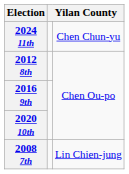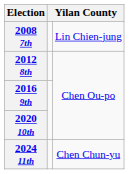 <table class="wikitable" align="center" style="text-align:center">
 <tr>
 <th>Election</th>
 <th colspan="2" width="80px">Yilan County</th>
 </tr>
 <tr>
-<th><a href='#'>2024</a><br><small><em><a href='#'>11th</a></em></small><br></th>
+<th><a href='#'>2008</a><br><small><em><a href='#'>7th</a></em></small><br></th>
 <td style="color:inherit;background:"></td>
-<td><a href='#'>Chen Chun-yu</a></td>
+<td><a href='#'>Lin Chien-jung</a></td>
 </tr>
 <tr>
 <th><a href='#'>2012</a><br><small><em><a href='#'>8th</a></em></small><br></th>
 <td style="color:inherit;background:"></td>
 <td rowspan=3><a href='#'>Chen Ou-po</a></td>
 </tr>
 <tr>
 <th><a href='#'>2016</a><br><small><em><a href='#'>9th</a></em></small><br></th>
 </tr>
 <tr>
 <th><a href='#'>2020</a><br><small><em><a href='#'>10th</a></em></small><br></th>
 </tr>
 <tr>
-<th><a href='#'>2008</a><br><small><em><a href='#'>7th</a></em></small><br></th>
+<th><a href='#'>2024</a><br><small><em><a href='#'>11th</a></em></small><br></th>
 <td style="color:inherit;background:"></td>
-<td><a href='#'>Lin Chien-jung</a></td>
+<td><a href='#'>Chen Chun-yu</a></td>
 </tr>
 </table>
